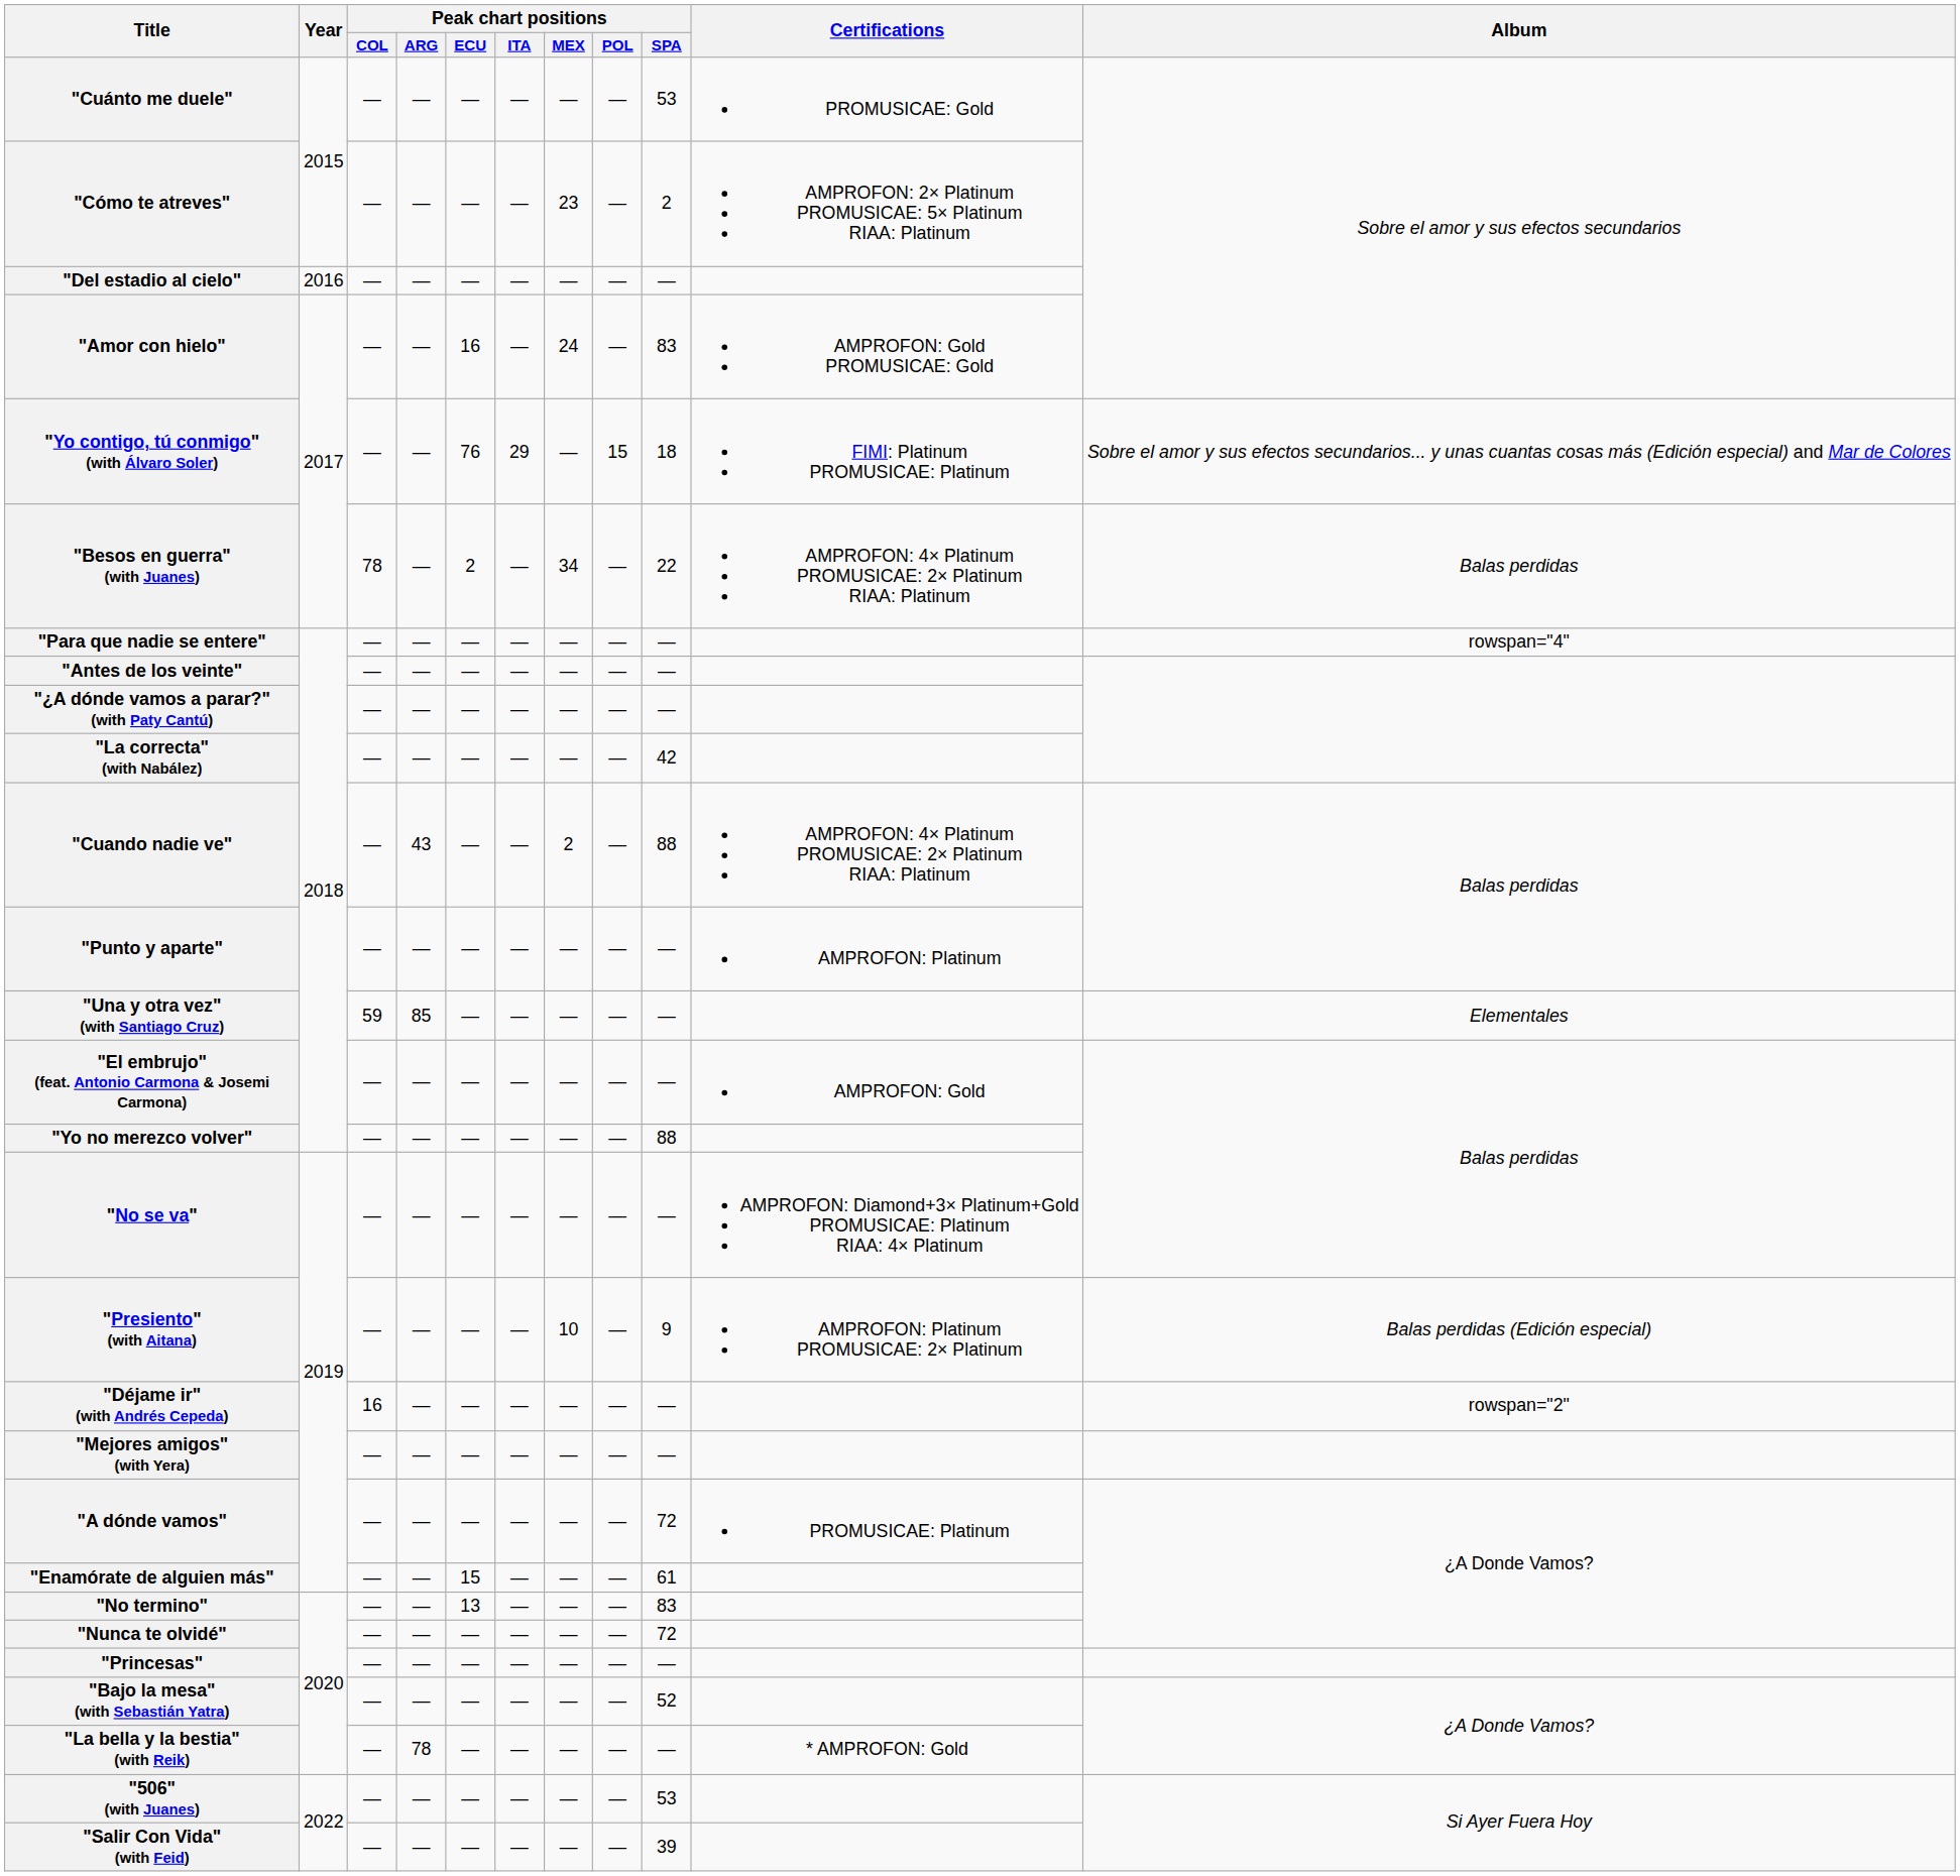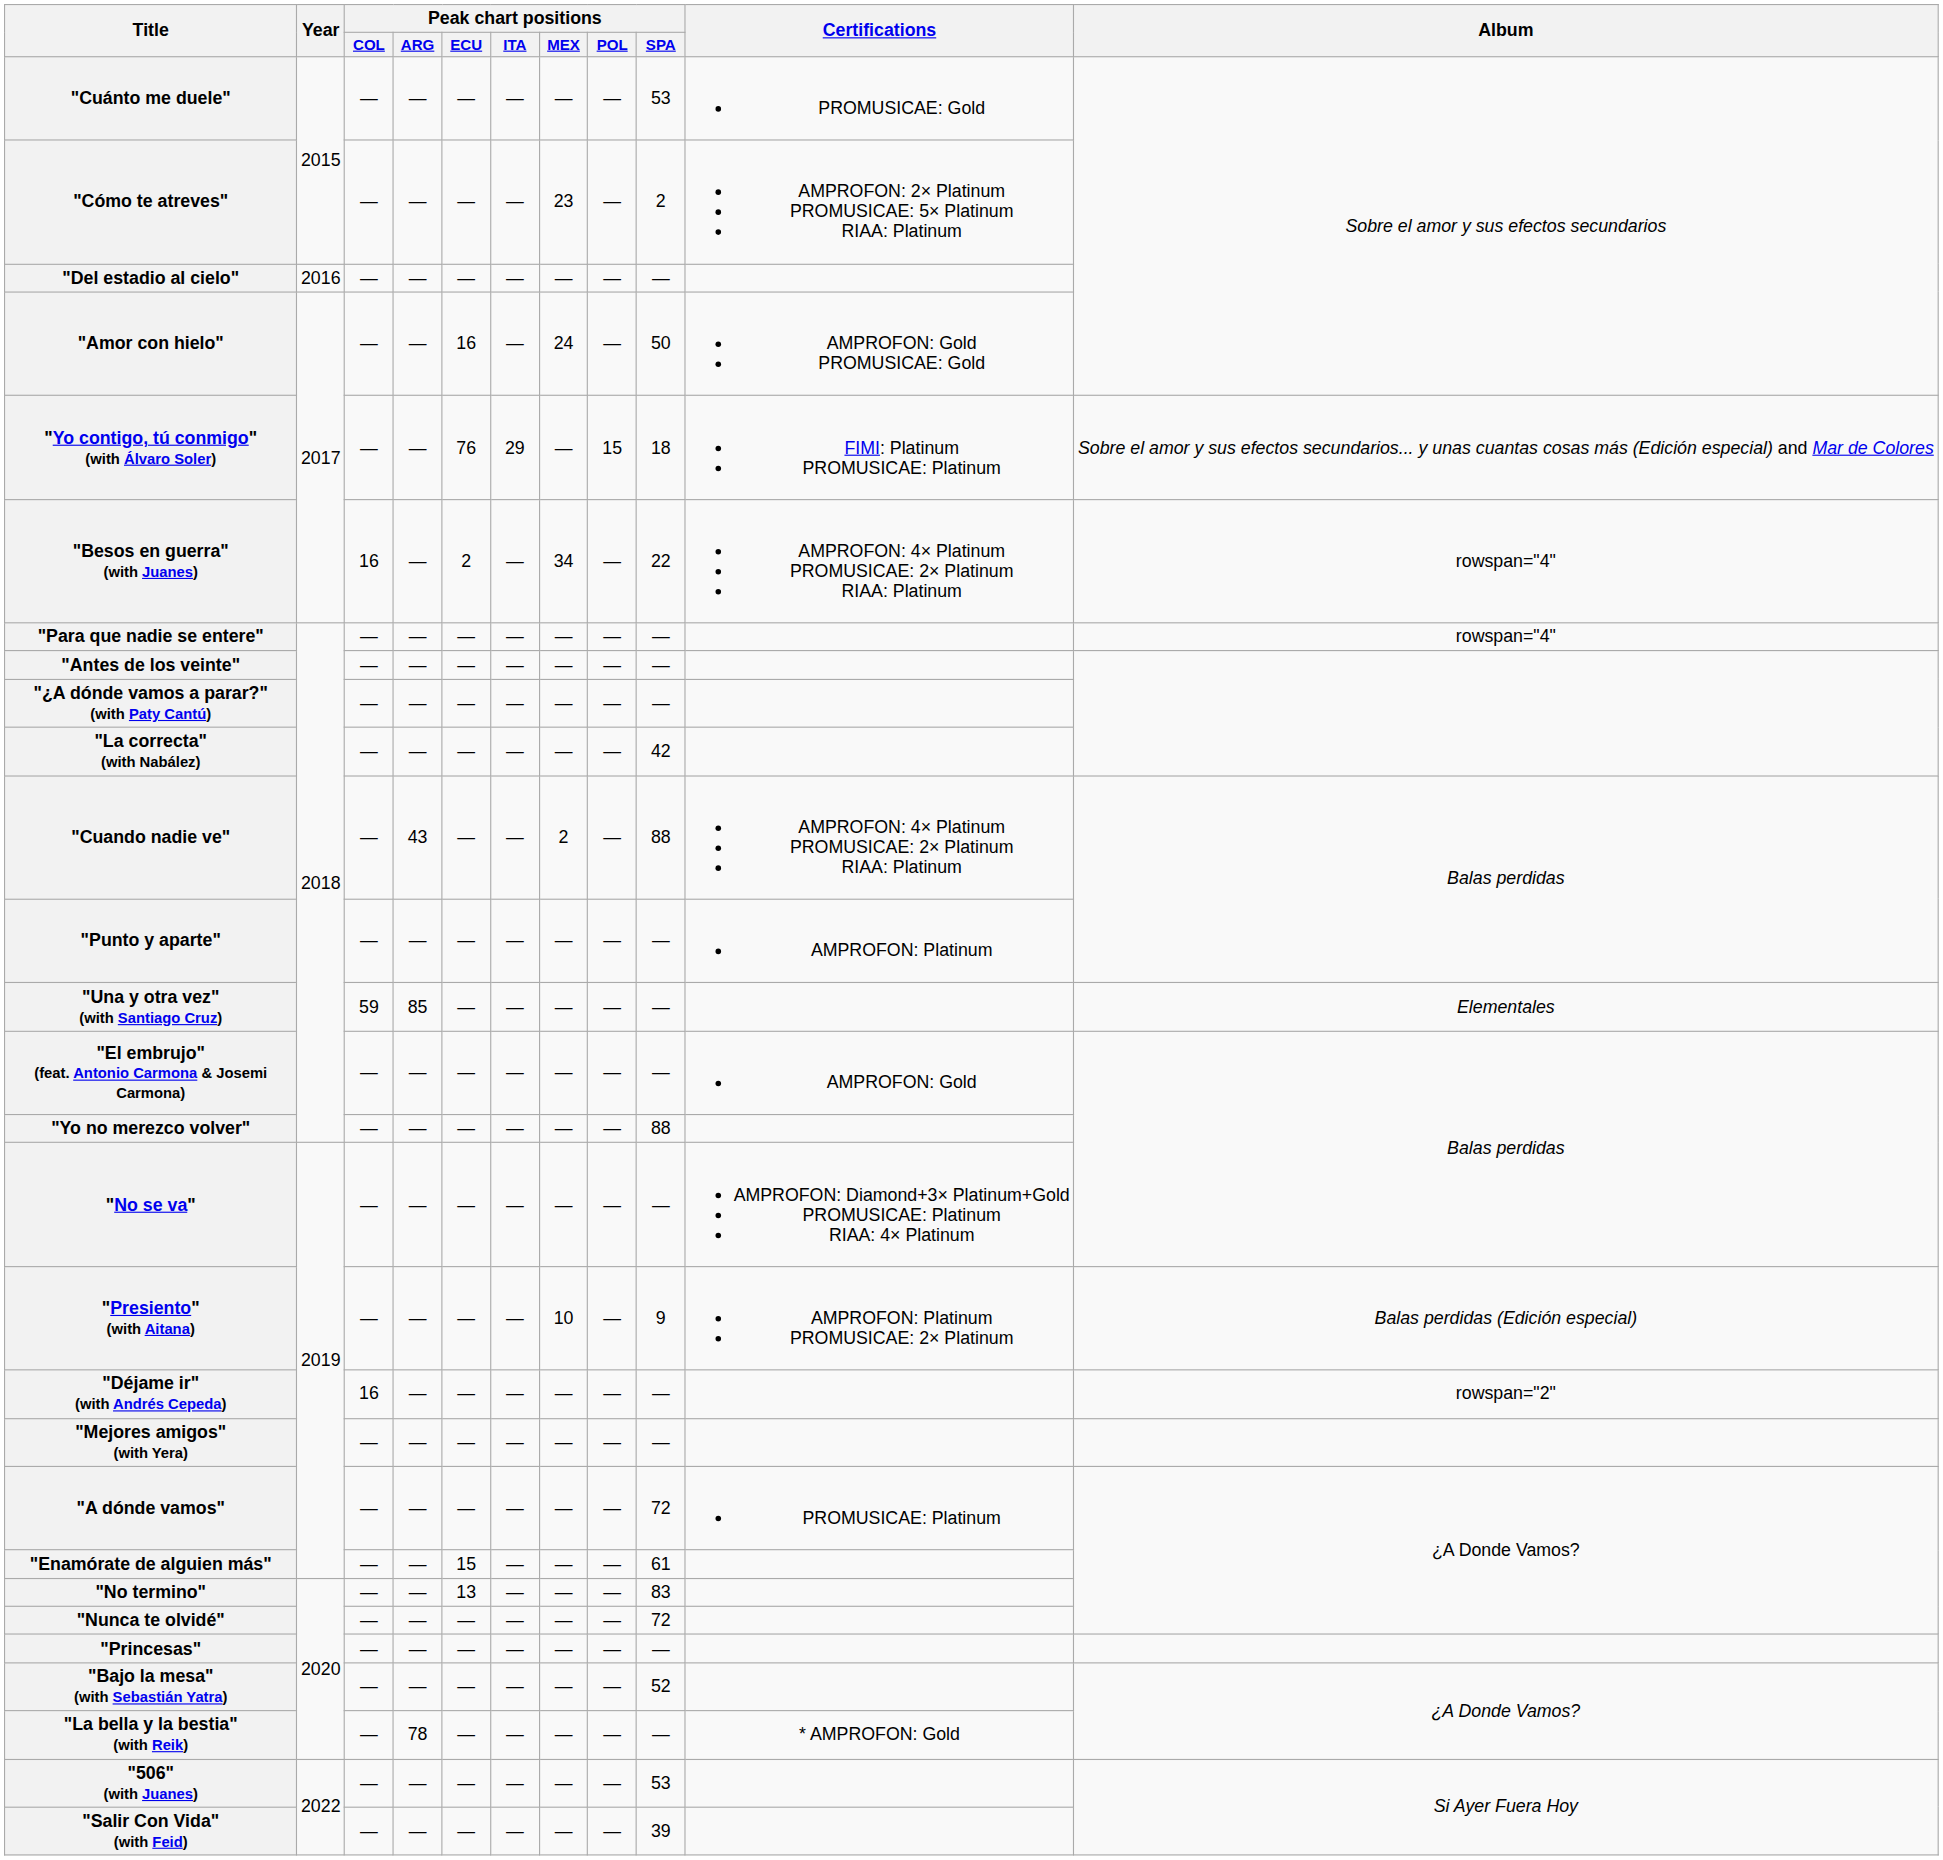 <table class="wikitable plainrowheaders" style="text-align:center;">
 <tr>
 <th scope="col" rowspan="2" style="width:16em;">Title</th>
 <th scope="col" rowspan="2">Year</th>
 <th scope="col" colspan="7">Peak chart positions</th>
 <th scope="col" rowspan="2"><a href='#'>Certifications</a></th>
 <th scope="col" rowspan="2">Album</th>
 </tr>
 <tr>
 <th scope="col" style="width:2.75em;font-size:85%;"><a href='#'>COL</a><br></th>
 <th scope="col" style="width:2.75em;font-size:85%;"><a href='#'>ARG</a><br></th>
 <th scope="col" style="width:2.75em;font-size:85%;"><a href='#'>ECU</a><br></th>
 <th scope="col" style="width:2.75em;font-size:85%;"><a href='#'>ITA</a><br></th>
 <th scope="col" style="width:2.75em;font-size:85%;"><a href='#'>MEX</a><br></th>
 <th scope="col" style="width:2.75em;font-size:85%;"><a href='#'>POL</a><br></th>
 <th scope="col" style="width:2.75em;font-size:85%;"><a href='#'>SPA</a><br></th>
 </tr>
 <tr>
 <th scope="row">"Cuánto me duele"</th>
 <td rowspan="2">2015</td>
 <td>—</td>
 <td>—</td>
 <td>—</td>
 <td>—</td>
 <td>—</td>
 <td>—</td>
 <td>53</td>
 <td><br><ul><li>PROMUSICAE: Gold</li></ul></td>
 <td rowspan="4"><em>Sobre el amor y sus efectos secundarios</em></td>
 </tr>
 <tr>
 <th scope="row">"Cómo te atreves"</th>
 <td>—</td>
 <td>—</td>
 <td>—</td>
 <td>—</td>
 <td>23</td>
 <td>—</td>
 <td>2</td>
 <td><br><ul><li>AMPROFON: 2× Platinum</li><li>PROMUSICAE: 5× Platinum</li><li>RIAA: Platinum </li></ul></td>
 </tr>
 <tr>
 <th scope="row">"Del estadio al cielo"</th>
 <td>2016</td>
 <td>—</td>
 <td>—</td>
 <td>—</td>
 <td>—</td>
 <td>—</td>
 <td>—</td>
 <td>—</td>
 <td></td>
 </tr>
 <tr>
 <th scope="row">"Amor con hielo"</th>
 <td rowspan="3">2017</td>
 <td>—</td>
 <td>—</td>
 <td>16</td>
 <td>—</td>
 <td>24</td>
 <td>—</td>
-<td>83</td>
+<td>50</td>
 <td><br><ul><li>AMPROFON: Gold</li><li>PROMUSICAE: Gold</li></ul></td>
 </tr>
 <tr>
 <th scope="row">"<a href='#'>Yo contigo, tú conmigo</a>" <br><small>(with <a href='#'>Álvaro Soler</a>)</small></th>
 <td>—</td>
 <td>—</td>
 <td>76</td>
 <td>29</td>
 <td>—</td>
 <td>15</td>
 <td>18</td>
 <td><br><ul><li><a href='#'>FIMI</a>: Platinum</li><li>PROMUSICAE: Platinum</li></ul></td>
 <td><em>Sobre el amor y sus efectos secundarios... y unas cuantas cosas más (Edición especial)</em> and <em><a href='#'>Mar de Colores</a></em></td>
 </tr>
 <tr>
 <th scope="row">"Besos en guerra" <br><small>(with <a href='#'>Juanes</a>)</small></th>
-<td>78</td>
+<td>16</td>
 <td>—</td>
 <td>2</td>
 <td>—</td>
 <td>34</td>
 <td>—</td>
 <td>22</td>
 <td><br><ul><li>AMPROFON: 4× Platinum</li><li>PROMUSICAE: 2× Platinum</li><li>RIAA: Platinum </li></ul></td>
-<td><em>Balas perdidas</em></td>
+<td>rowspan="4" </td>
 </tr>
 <tr>
 <th scope="row">"Para que nadie se entere"</th>
 <td rowspan="9">2018</td>
 <td>—</td>
 <td>—</td>
 <td>—</td>
 <td>—</td>
 <td>—</td>
 <td>—</td>
 <td>—</td>
 <td></td>
 <td>rowspan="4" </td>
 </tr>
 <tr>
 <th scope="row">"Antes de los veinte"</th>
 <td>—</td>
 <td>—</td>
 <td>—</td>
 <td>—</td>
 <td>—</td>
 <td>—</td>
 <td>—</td>
 <td></td>
 </tr>
 <tr>
 <th scope="row">"¿A dónde vamos a parar?" <br><small>(with <a href='#'>Paty Cantú</a>)</small></th>
 <td>—</td>
 <td>—</td>
 <td>—</td>
 <td>—</td>
 <td>—</td>
 <td>—</td>
 <td>—</td>
 <td></td>
 </tr>
 <tr>
 <th scope="row">"La correcta" <br><small>(with Nabález)</small></th>
 <td>—</td>
 <td>—</td>
 <td>—</td>
 <td>—</td>
 <td>—</td>
 <td>—</td>
 <td>42</td>
 <td></td>
 </tr>
 <tr>
 <th scope="row">"Cuando nadie ve"</th>
 <td>—</td>
 <td>43</td>
 <td>—</td>
 <td>—</td>
 <td>2</td>
 <td>—</td>
 <td>88</td>
 <td><br><ul><li>AMPROFON: 4× Platinum</li><li>PROMUSICAE: 2× Platinum</li><li>RIAA: Platinum </li></ul></td>
 <td rowspan="2"><em>Balas perdidas</em></td>
 </tr>
 <tr>
 <th scope="row">"Punto y aparte"</th>
 <td>—</td>
 <td>—</td>
 <td>—</td>
 <td>—</td>
 <td>—</td>
 <td>—</td>
 <td>—</td>
 <td><br><ul><li>AMPROFON: Platinum</li></ul></td>
 </tr>
 <tr>
 <th scope="row">"Una y otra vez" <br><small>(with <a href='#'>Santiago Cruz</a>)</small></th>
 <td>59</td>
 <td>85</td>
 <td>—</td>
 <td>—</td>
 <td>—</td>
 <td>—</td>
 <td>—</td>
 <td></td>
 <td><em>Elementales</em></td>
 </tr>
 <tr>
 <th scope="row">"El embrujo" <br><small>(feat. <a href='#'>Antonio Carmona</a> & Josemi Carmona)</small></th>
 <td>—</td>
 <td>—</td>
 <td>—</td>
 <td>—</td>
 <td>—</td>
 <td>—</td>
 <td>—</td>
 <td><br><ul><li>AMPROFON: Gold</li></ul></td>
 <td rowspan="3"><em>Balas perdidas</em></td>
 </tr>
 <tr>
 <th scope="row">"Yo no merezco volver"</th>
 <td>—</td>
 <td>—</td>
 <td>—</td>
 <td>—</td>
 <td>—</td>
 <td>—</td>
 <td>88</td>
 <td></td>
 </tr>
 <tr>
 <th scope="row">"<a href='#'>No se va</a>"</th>
 <td rowspan="6">2019</td>
 <td>—</td>
 <td>—</td>
 <td>—</td>
 <td>—</td>
 <td>—</td>
 <td>—</td>
 <td>—</td>
 <td><br><ul><li>AMPROFON: Diamond+3× Platinum+Gold</li><li>PROMUSICAE: Platinum</li><li>RIAA: 4× Platinum </li></ul></td>
 </tr>
 <tr>
 <th scope="row">"<a href='#'>Presiento</a>" <br><small>(with <a href='#'>Aitana</a>)</small></th>
 <td>—</td>
 <td>—</td>
 <td>—</td>
 <td>—</td>
 <td>10</td>
 <td>—</td>
 <td>9</td>
 <td><br><ul><li>AMPROFON: Platinum</li><li>PROMUSICAE: 2× Platinum</li></ul></td>
 <td><em>Balas perdidas (Edición especial)</em></td>
 </tr>
 <tr>
 <th scope="row">"Déjame ir" <br><small>(with <a href='#'>Andrés Cepeda</a>)</small></th>
 <td>16</td>
 <td>—</td>
 <td>—</td>
 <td>—</td>
 <td>—</td>
 <td>—</td>
 <td>—</td>
 <td></td>
 <td>rowspan="2" </td>
 </tr>
 <tr>
 <th scope="row">"Mejores amigos" <br><small>(with Yera)</small></th>
 <td>—</td>
 <td>—</td>
 <td>—</td>
 <td>—</td>
 <td>—</td>
 <td>—</td>
 <td>—</td>
 <td></td>
 </tr>
 <tr>
 <th scope="row">"A dónde vamos"</th>
 <td>—</td>
 <td>—</td>
 <td>—</td>
 <td>—</td>
 <td>—</td>
 <td>—</td>
 <td>72</td>
 <td><br><ul><li>PROMUSICAE: Platinum</li></ul></td>
 <td rowspan="4">¿A Donde Vamos?</td>
 </tr>
 <tr>
 <th scope="row">"Enamórate de alguien más"</th>
 <td>—</td>
 <td>—</td>
 <td>15</td>
 <td>—</td>
 <td>—</td>
 <td>—</td>
 <td>61</td>
 <td></td>
 </tr>
 <tr>
 <th scope="row">"No termino"</th>
 <td rowspan="5">2020</td>
 <td>—</td>
 <td>—</td>
 <td>13</td>
 <td>—</td>
 <td>—</td>
 <td>—</td>
 <td>83</td>
 <td></td>
 </tr>
 <tr>
 <th scope="row">"Nunca te olvidé"</th>
 <td>—</td>
 <td>—</td>
 <td>—</td>
 <td>—</td>
 <td>—</td>
 <td>—</td>
 <td>72</td>
 <td></td>
 </tr>
 <tr>
 <th scope="row">"Princesas"</th>
 <td>—</td>
 <td>—</td>
 <td>—</td>
 <td>—</td>
 <td>—</td>
 <td>—</td>
 <td>—</td>
 <td></td>
 <td></td>
 </tr>
 <tr>
 <th scope="row">"Bajo la mesa" <br><small>(with <a href='#'>Sebastián Yatra</a>)</small></th>
 <td>—</td>
 <td>—</td>
 <td>—</td>
 <td>—</td>
 <td>—</td>
 <td>—</td>
 <td>52</td>
 <td></td>
 <td rowspan="2"><em>¿A Donde Vamos?</em></td>
 </tr>
 <tr>
 <th scope="row">"La bella y la bestia" <br><small>(with <a href='#'>Reik</a>)</small></th>
 <td>—</td>
 <td>78</td>
 <td>—</td>
 <td>—</td>
 <td>—</td>
 <td>—</td>
 <td>—</td>
 <td>* AMPROFON: Gold</td>
 </tr>
 <tr>
 <th scope="row">"506" <br><small>(with <a href='#'>Juanes</a>)</small></th>
 <td rowspan="2">2022</td>
 <td>—</td>
 <td>—</td>
 <td>—</td>
 <td>—</td>
 <td>—</td>
 <td>—</td>
 <td>53</td>
 <td></td>
 <td rowspan="2"><em>Si Ayer Fuera Hoy</em></td>
 </tr>
 <tr>
 <th scope="row">"Salir Con Vida" <br><small>(with <a href='#'>Feid</a>)</small></th>
 <td>—</td>
 <td>—</td>
 <td>—</td>
 <td>—</td>
 <td>—</td>
 <td>—</td>
 <td>39</td>
 </tr>
 </table>
